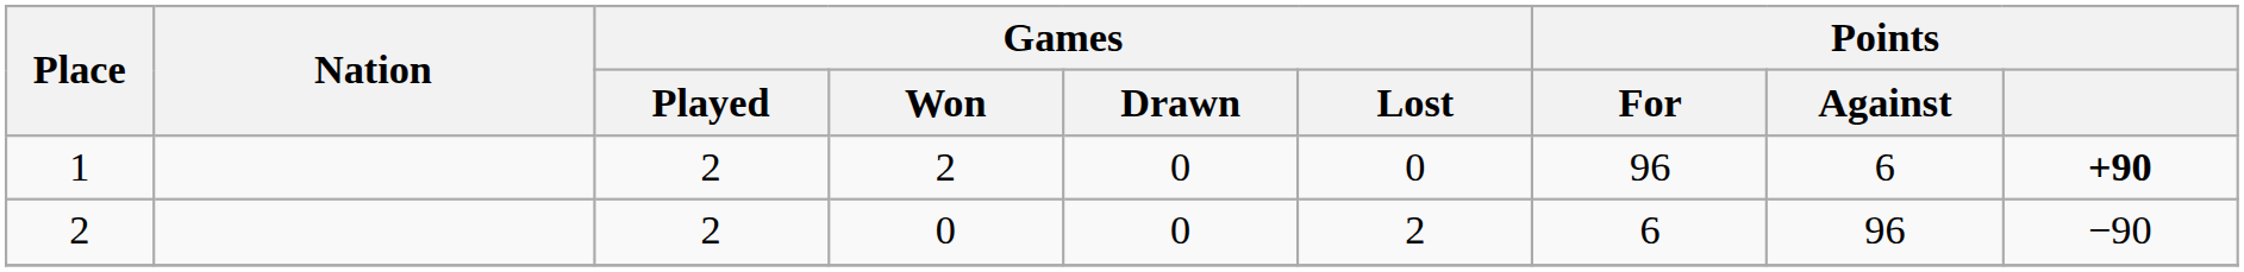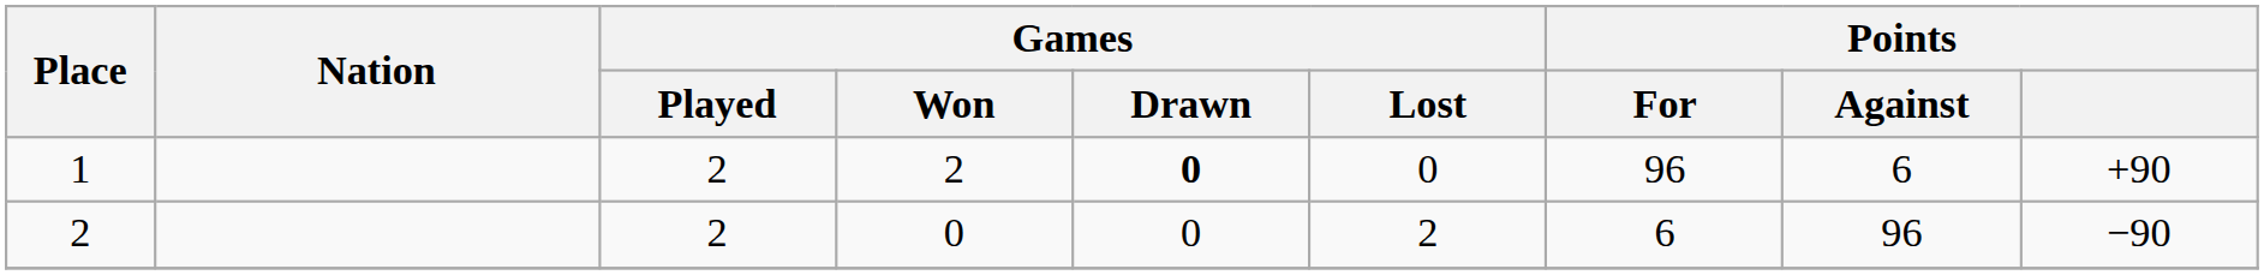 <table class="wikitable" text-align:center>
 <tr>
 <th rowspan="2" style="width:5%">Place</th>
 <th rowspan="2" style="width:15%">Nation</th>
 <th colspan="4" style="width:32%">Games</th>
 <th colspan="3" style="width:18%">Points</th>
 </tr>
 <tr>
 <th style="width:8%">Played</th>
 <th style="width:8%">Won</th>
 <th style="width:8%">Drawn</th>
 <th style="width:8%">Lost</th>
 <th style="width:8%">For</th>
 <th style="width:8%">Against</th>
 <th style="width:8%"></th>
 </tr>
 <tr align="center">
 <td>1</td>
 <td align="left"></td>
 <td>2</td>
 <td>2</td>
-<td>0</td>
+<td><strong>0</strong></td>
 <td>0</td>
 <td>96</td>
 <td>6</td>
-<td><strong>+90</strong></td>
+<td>+90</td>
 </tr>
 <tr align="center">
 <td>2</td>
 <td align="left"></td>
 <td>2</td>
 <td>0</td>
 <td>0</td>
 <td>2</td>
 <td>6</td>
 <td>96</td>
 <td>−90</td>
 </tr>
 <tr align="center">
 </tr>
 </table>
